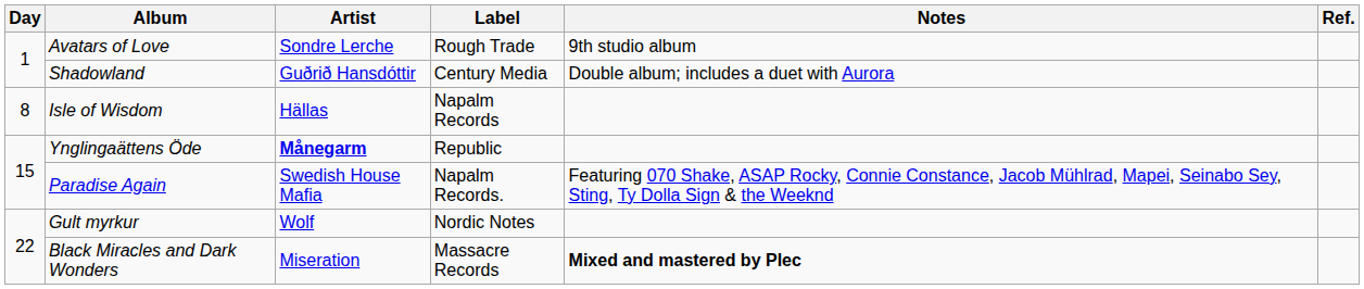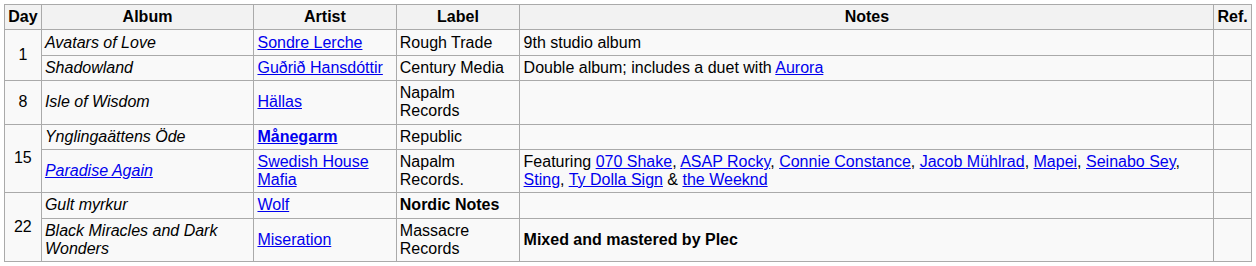 <table class="wikitable">
 <tr>
 <th>Day</th>
 <th>Album</th>
 <th>Artist</th>
 <th>Label</th>
 <th>Notes</th>
 <th>Ref.</th>
 </tr>
 <tr>
 <td rowspan="2" style="text-align:center;">1</td>
 <td><em>Avatars of Love</em></td>
 <td><a href='#'>Sondre Lerche</a></td>
 <td>Rough Trade</td>
 <td>9th studio album</td>
 <td></td>
 </tr>
 <tr>
 <td><em>Shadowland</em></td>
 <td><a href='#'>Guðrið Hansdóttir</a></td>
 <td>Century Media</td>
 <td>Double album; includes a duet with <a href='#'>Aurora</a></td>
 <td></td>
 </tr>
 <tr>
 <td rowspan="1" style="text-align:center;">8</td>
 <td><em>Isle of Wisdom</em></td>
 <td><a href='#'>Hällas</a></td>
 <td>Napalm Records</td>
 <td></td>
 <td></td>
 </tr>
 <tr>
 <td rowspan="2" style="text-align:center;">15</td>
 <td><em>Ynglingaättens Öde</em></td>
 <td><strong><a href='#'>Månegarm</a></strong></td>
 <td>Republic</td>
 <td></td>
 <td></td>
 </tr>
 <tr>
 <td><em><a href='#'>Paradise Again</a></em></td>
 <td><a href='#'>Swedish House Mafia</a></td>
 <td>Napalm Records.</td>
 <td>Featuring <a href='#'>070 Shake</a>, <a href='#'>ASAP Rocky</a>, <a href='#'>Connie Constance</a>, <a href='#'>Jacob Mühlrad</a>, <a href='#'>Mapei</a>, <a href='#'>Seinabo Sey</a>, <a href='#'>Sting</a>, <a href='#'>Ty Dolla Sign</a> & <a href='#'>the Weeknd</a></td>
 <td></td>
 </tr>
 <tr>
 <td rowspan="2" style="text-align:center;">22</td>
 <td><em>Gult myrkur</em></td>
 <td><a href='#'>Wolf</a></td>
-<td>Nordic Notes</td>
+<td><strong>Nordic Notes</strong></td>
 <td></td>
 <td></td>
 </tr>
 <tr>
 <td><em>Black Miracles and Dark Wonders</em></td>
 <td><a href='#'>Miseration</a></td>
 <td>Massacre Records</td>
 <td><strong>Mixed and mastered by Plec</strong></td>
 <td></td>
 </tr>
 <tr>
 </tr>
 </table>
